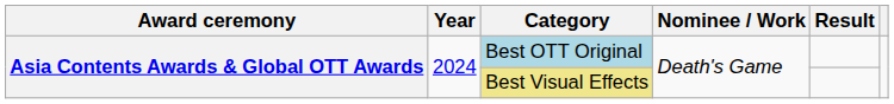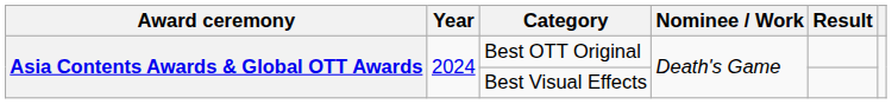 <table class="wikitable plainrowheaders sortable">
 <tr>
 <th scope="col">Award ceremony</th>
 <th scope="col">Year</th>
 <th scope="col">Category</th>
 <th scope="col">Nominee / Work</th>
 <th scope="col">Result</th>
 <th scope="col" class="unsortable"></th>
 </tr>
 <tr>
 <th scope="row" rowspan="2"><a href='#'>Asia Contents Awards & Global OTT Awards</a></th>
 <td rowspan="2" style="text-align:center"><a href='#'>2024</a></td>
-<td style="background: lightblue;">Best OTT Original</td>
+<td>Best OTT Original</td>
 <td rowspan="2"><em>Death's Game</em></td>
 <td></td>
 <td rowspan="2" style="text-align:center"></td>
 </tr>
 <tr>
-<td style="background: khaki;">Best Visual Effects</td>
+<td>Best Visual Effects</td>
 <td></td>
 </tr>
 </table>
